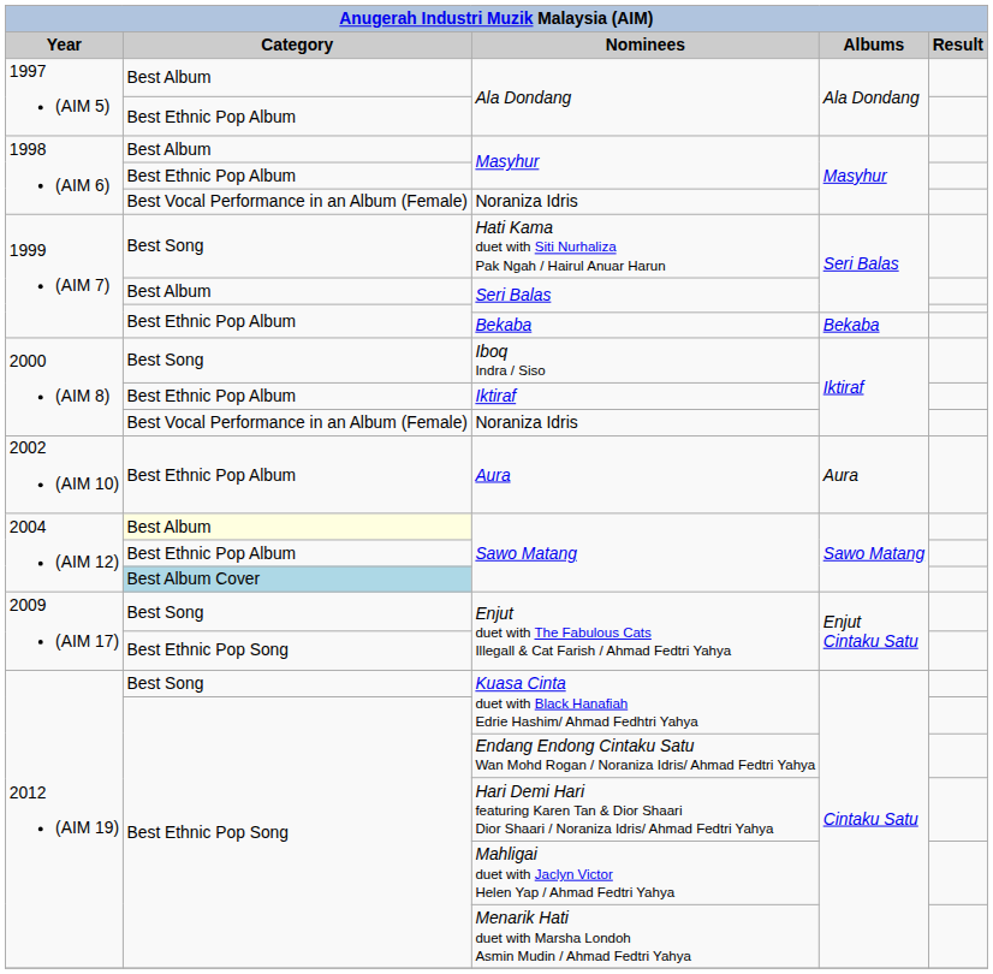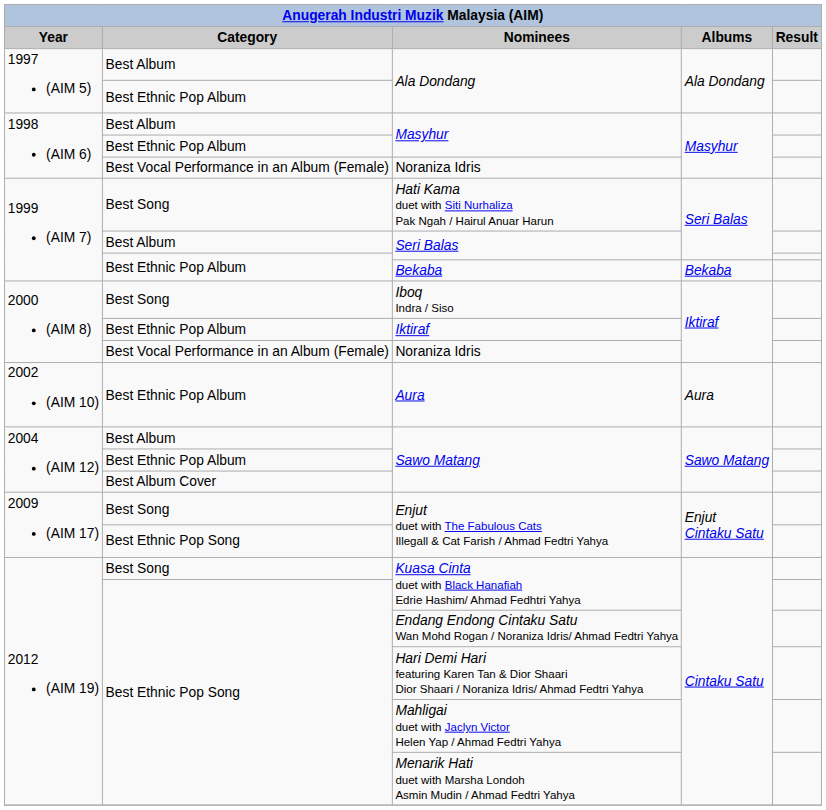 <table class="wikitable" style="font-size:90%;">
 <tr>
 <th colspan=5 style="background:#B0C4DE;"><a href='#'>Anugerah Industri Muzik</a> Malaysia (AIM)</th>
 </tr>
 <tr align="center">
 <th style="background: #CCCCCC;">Year</th>
 <th style="background: #CCCCCC;">Category</th>
 <th style="background: #CCCCCC;">Nominees</th>
 <th style="background: #CCCCCC;">Albums</th>
 <th style="background: #CCCCCC;">Result</th>
 </tr>
 <tr>
 <td rowspan="2">1997<br><ul><li>(AIM 5)</li></ul></td>
 <td>Best Album</td>
 <td rowspan="2"><em>Ala Dondang</em></td>
 <td rowspan="2"><em>Ala Dondang</em></td>
 <td></td>
 </tr>
 <tr>
 <td>Best Ethnic Pop Album</td>
 <td></td>
 </tr>
 <tr>
 <td rowspan="3">1998<br><ul><li>(AIM 6)</li></ul></td>
 <td>Best Album</td>
 <td rowspan="2"><em><a href='#'>Masyhur</a></em></td>
 <td rowspan="3"><em><a href='#'>Masyhur</a></em></td>
 <td></td>
 </tr>
 <tr>
 <td>Best Ethnic Pop Album</td>
 <td></td>
 </tr>
 <tr>
 <td>Best Vocal Performance in an Album (Female)</td>
 <td>Noraniza Idris</td>
 <td></td>
 </tr>
 <tr>
 <td rowspan="4">1999<br><ul><li>(AIM 7)</li></ul></td>
 <td>Best Song</td>
 <td><em>Hati Kama</em><br><small>duet with <a href='#'>Siti Nurhaliza</a></small><br><small>Pak Ngah / Hairul Anuar Harun</small></td>
 <td rowspan="3"><em><a href='#'>Seri Balas</a></em></td>
 <td></td>
 </tr>
 <tr>
 <td>Best Album</td>
 <td rowspan="2"><em><a href='#'>Seri Balas</a></em></td>
 <td></td>
 </tr>
 <tr>
 <td rowspan="2">Best Ethnic Pop Album</td>
 <td></td>
 </tr>
 <tr>
 <td><em><a href='#'>Bekaba</a></em></td>
 <td><em><a href='#'>Bekaba</a></em></td>
 <td></td>
 </tr>
 <tr>
 <td rowspan="3">2000<br><ul><li>(AIM 8)</li></ul></td>
 <td>Best Song</td>
 <td><em>Iboq</em>  <br><small>Indra / Siso</small></td>
 <td rowspan="3"><em><a href='#'>Iktiraf</a></em></td>
 <td></td>
 </tr>
 <tr>
 <td>Best Ethnic Pop Album</td>
 <td><em><a href='#'>Iktiraf</a></em></td>
 <td></td>
 </tr>
 <tr>
 <td>Best Vocal Performance in an Album (Female)</td>
 <td>Noraniza Idris</td>
 <td></td>
 </tr>
 <tr>
 <td>2002<br><ul><li>(AIM 10)</li></ul></td>
 <td>Best Ethnic Pop Album</td>
 <td><em><a href='#'>Aura</a></em></td>
 <td><em>Aura</em></td>
 <td></td>
 </tr>
 <tr>
 <td rowspan="3">2004<br><ul><li>(AIM 12)</li></ul></td>
-<td style="background: lightyellow;">Best Album</td>
+<td>Best Album</td>
 <td rowspan="3"><em><a href='#'>Sawo Matang</a></em></td>
 <td rowspan="3"><em><a href='#'>Sawo Matang</a></em></td>
 <td></td>
 </tr>
 <tr>
 <td>Best Ethnic Pop Album</td>
 <td></td>
 </tr>
 <tr>
-<td style="background: lightblue;">Best Album Cover</td>
+<td>Best Album Cover</td>
 <td></td>
 </tr>
 <tr>
 <td rowspan="2">2009<br><ul><li>(AIM 17)</li></ul></td>
 <td>Best Song</td>
 <td rowspan="2"><em>Enjut</em><br><small>duet with <a href='#'>The Fabulous Cats</a><br>Illegall & Cat Farish / Ahmad Fedtri Yahya</small></td>
 <td rowspan="2"><em>Enjut</em><br><em><a href='#'>Cintaku Satu</a></em></td>
 <td></td>
 </tr>
 <tr>
 <td>Best Ethnic Pop Song</td>
 <td></td>
 </tr>
 <tr>
 <td rowspan="6">2012<br><ul><li>(AIM 19)</li></ul></td>
 <td>Best Song</td>
 <td rowspan="2"><em><a href='#'>Kuasa Cinta</a></em><br><small>duet with <a href='#'>Black Hanafiah</a><br>Edrie Hashim/ Ahmad Fedhtri Yahya</small></td>
 <td rowspan="6"><em><a href='#'>Cintaku Satu</a></em></td>
 <td></td>
 </tr>
 <tr>
 <td rowspan="5">Best Ethnic Pop Song</td>
 <td></td>
 </tr>
 <tr>
 <td><em>Endang Endong Cintaku Satu</em><br><small>Wan Mohd Rogan / Noraniza Idris/ Ahmad Fedtri Yahya</small></td>
 <td></td>
 </tr>
 <tr>
 <td><em>Hari Demi Hari</em> <br><small>featuring Karen Tan & Dior Shaari</small><br><small>Dior Shaari / Noraniza Idris/ Ahmad Fedtri Yahya</small></td>
 <td></td>
 </tr>
 <tr>
 <td><em>Mahligai</em> <br><small>duet with <a href='#'>Jaclyn Victor</a></small><br><small>Helen Yap / Ahmad Fedtri Yahya</small></td>
 <td></td>
 </tr>
 <tr>
 <td><em>Menarik Hati</em> <br><small>duet with Marsha Londoh</small><br><small>Asmin Mudin / Ahmad Fedtri Yahya</small></td>
 <td></td>
 </tr>
 <tr>
 </tr>
 </table>
